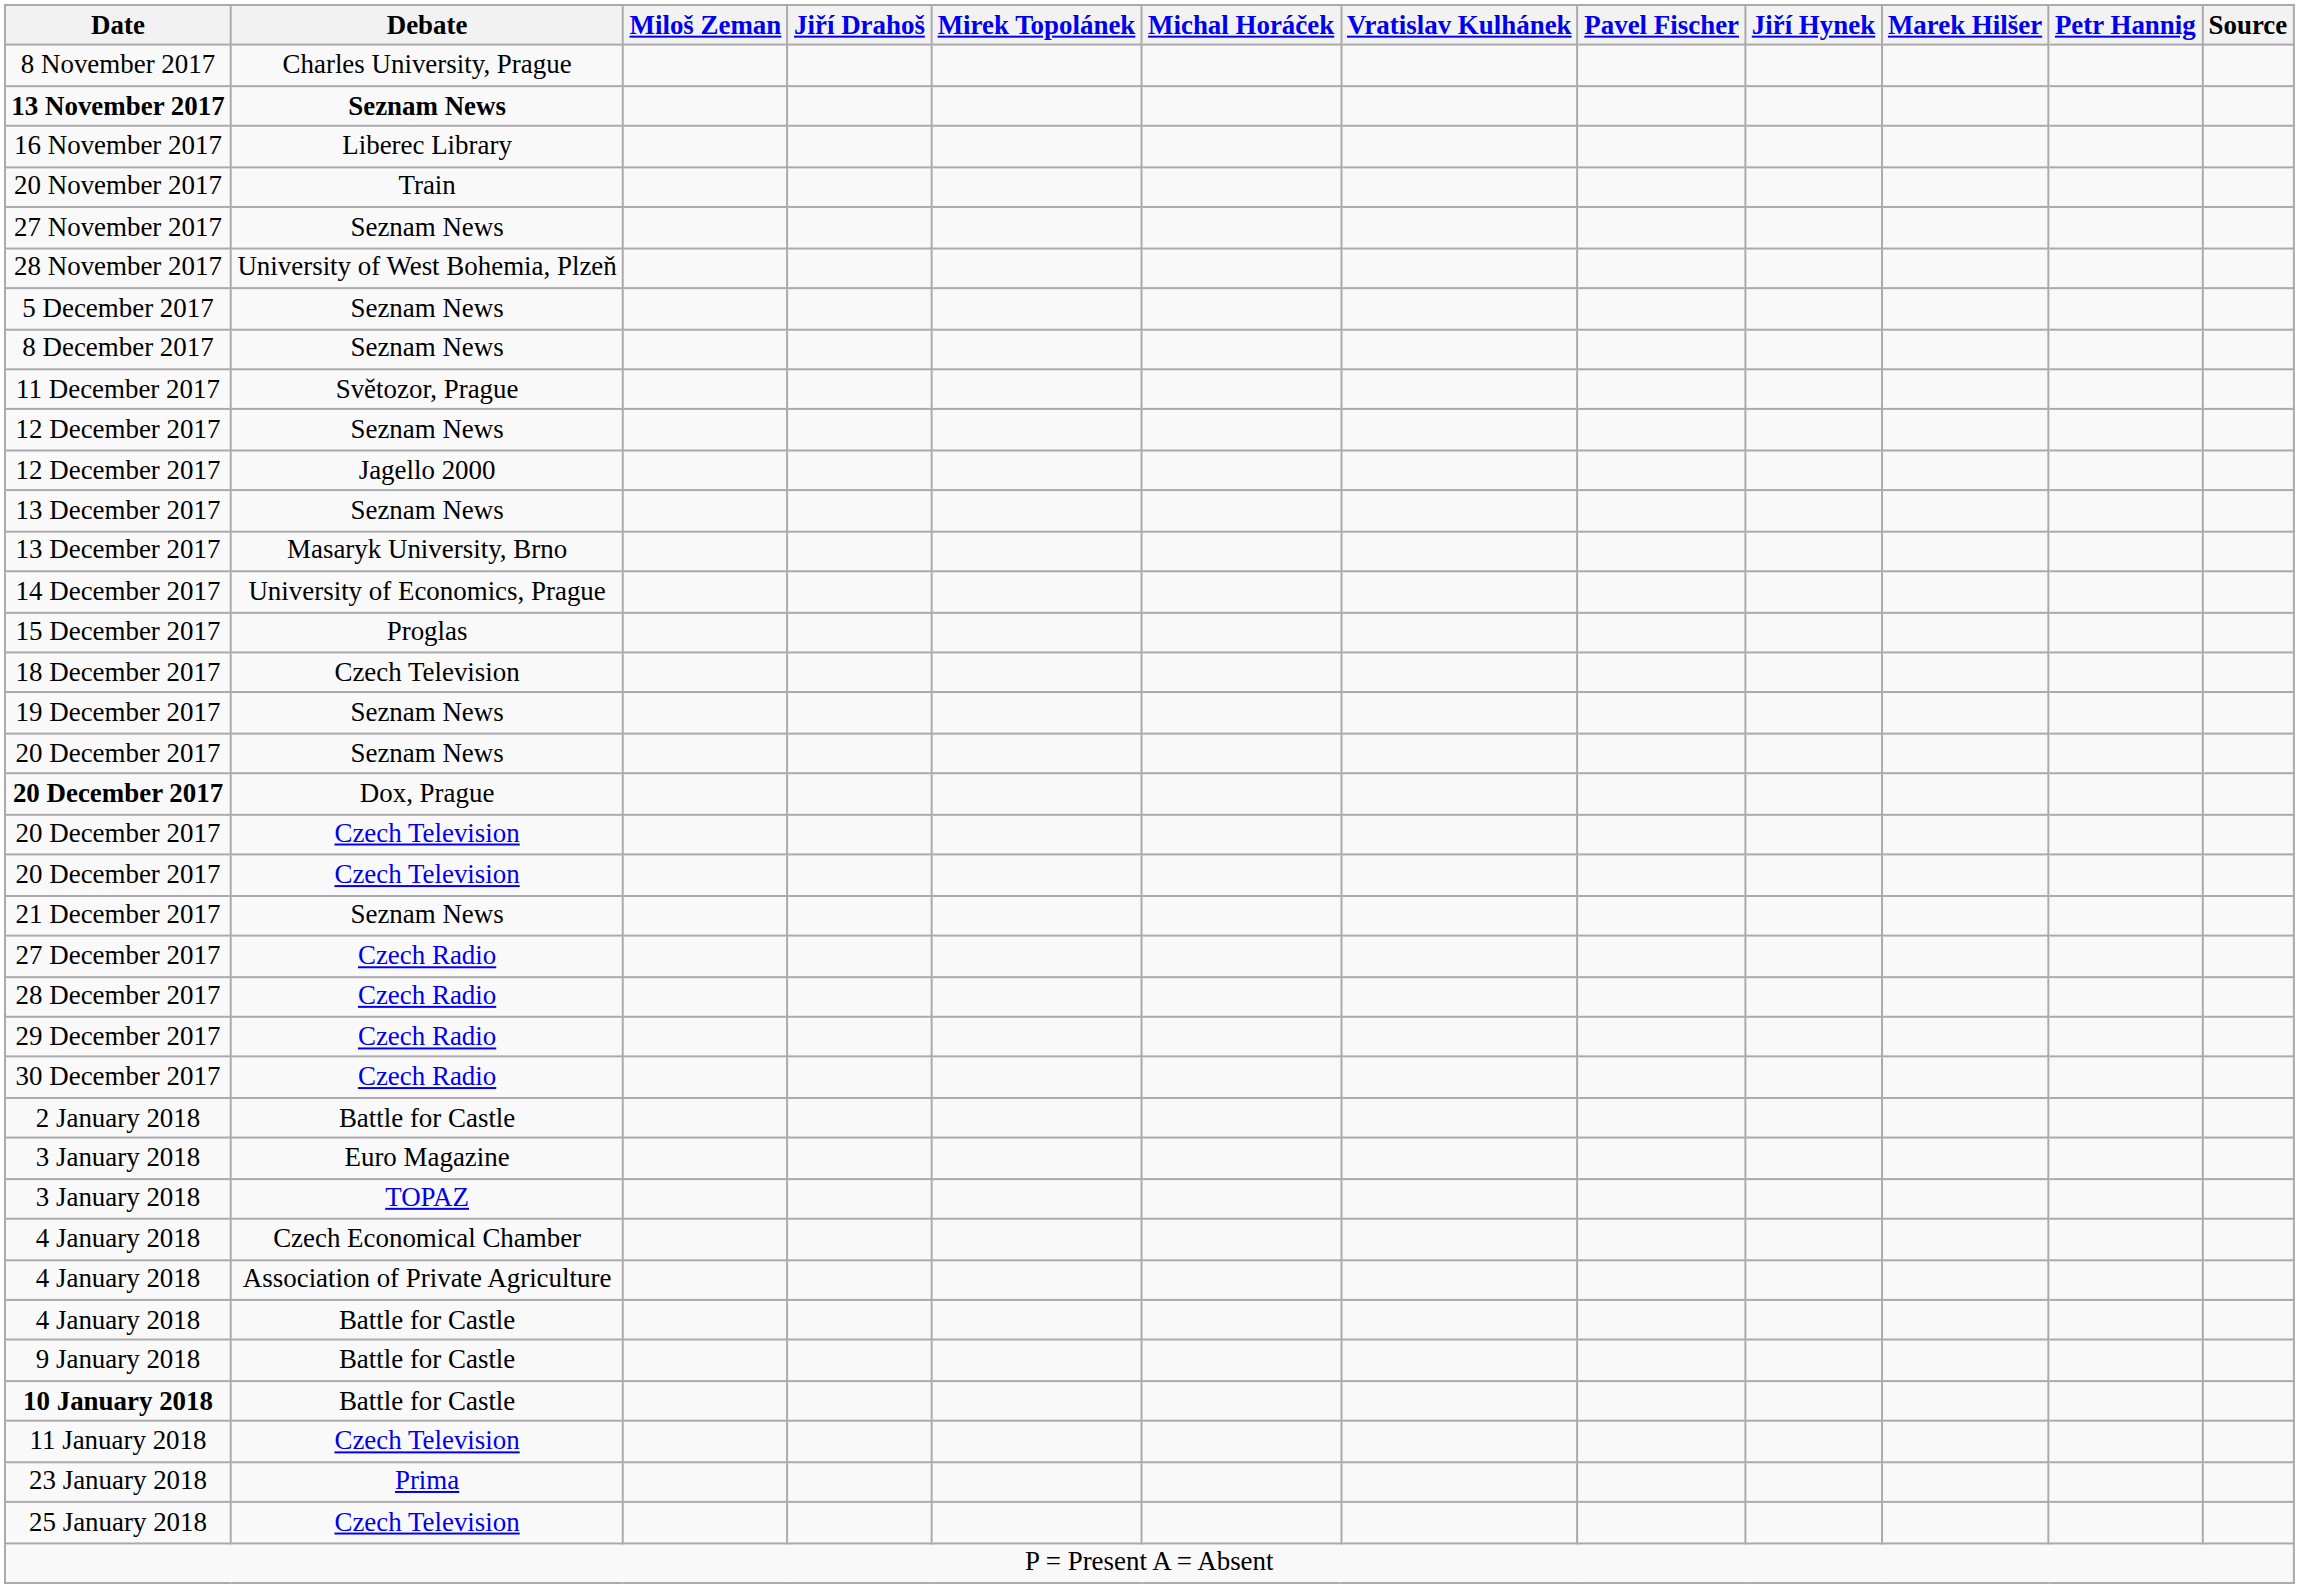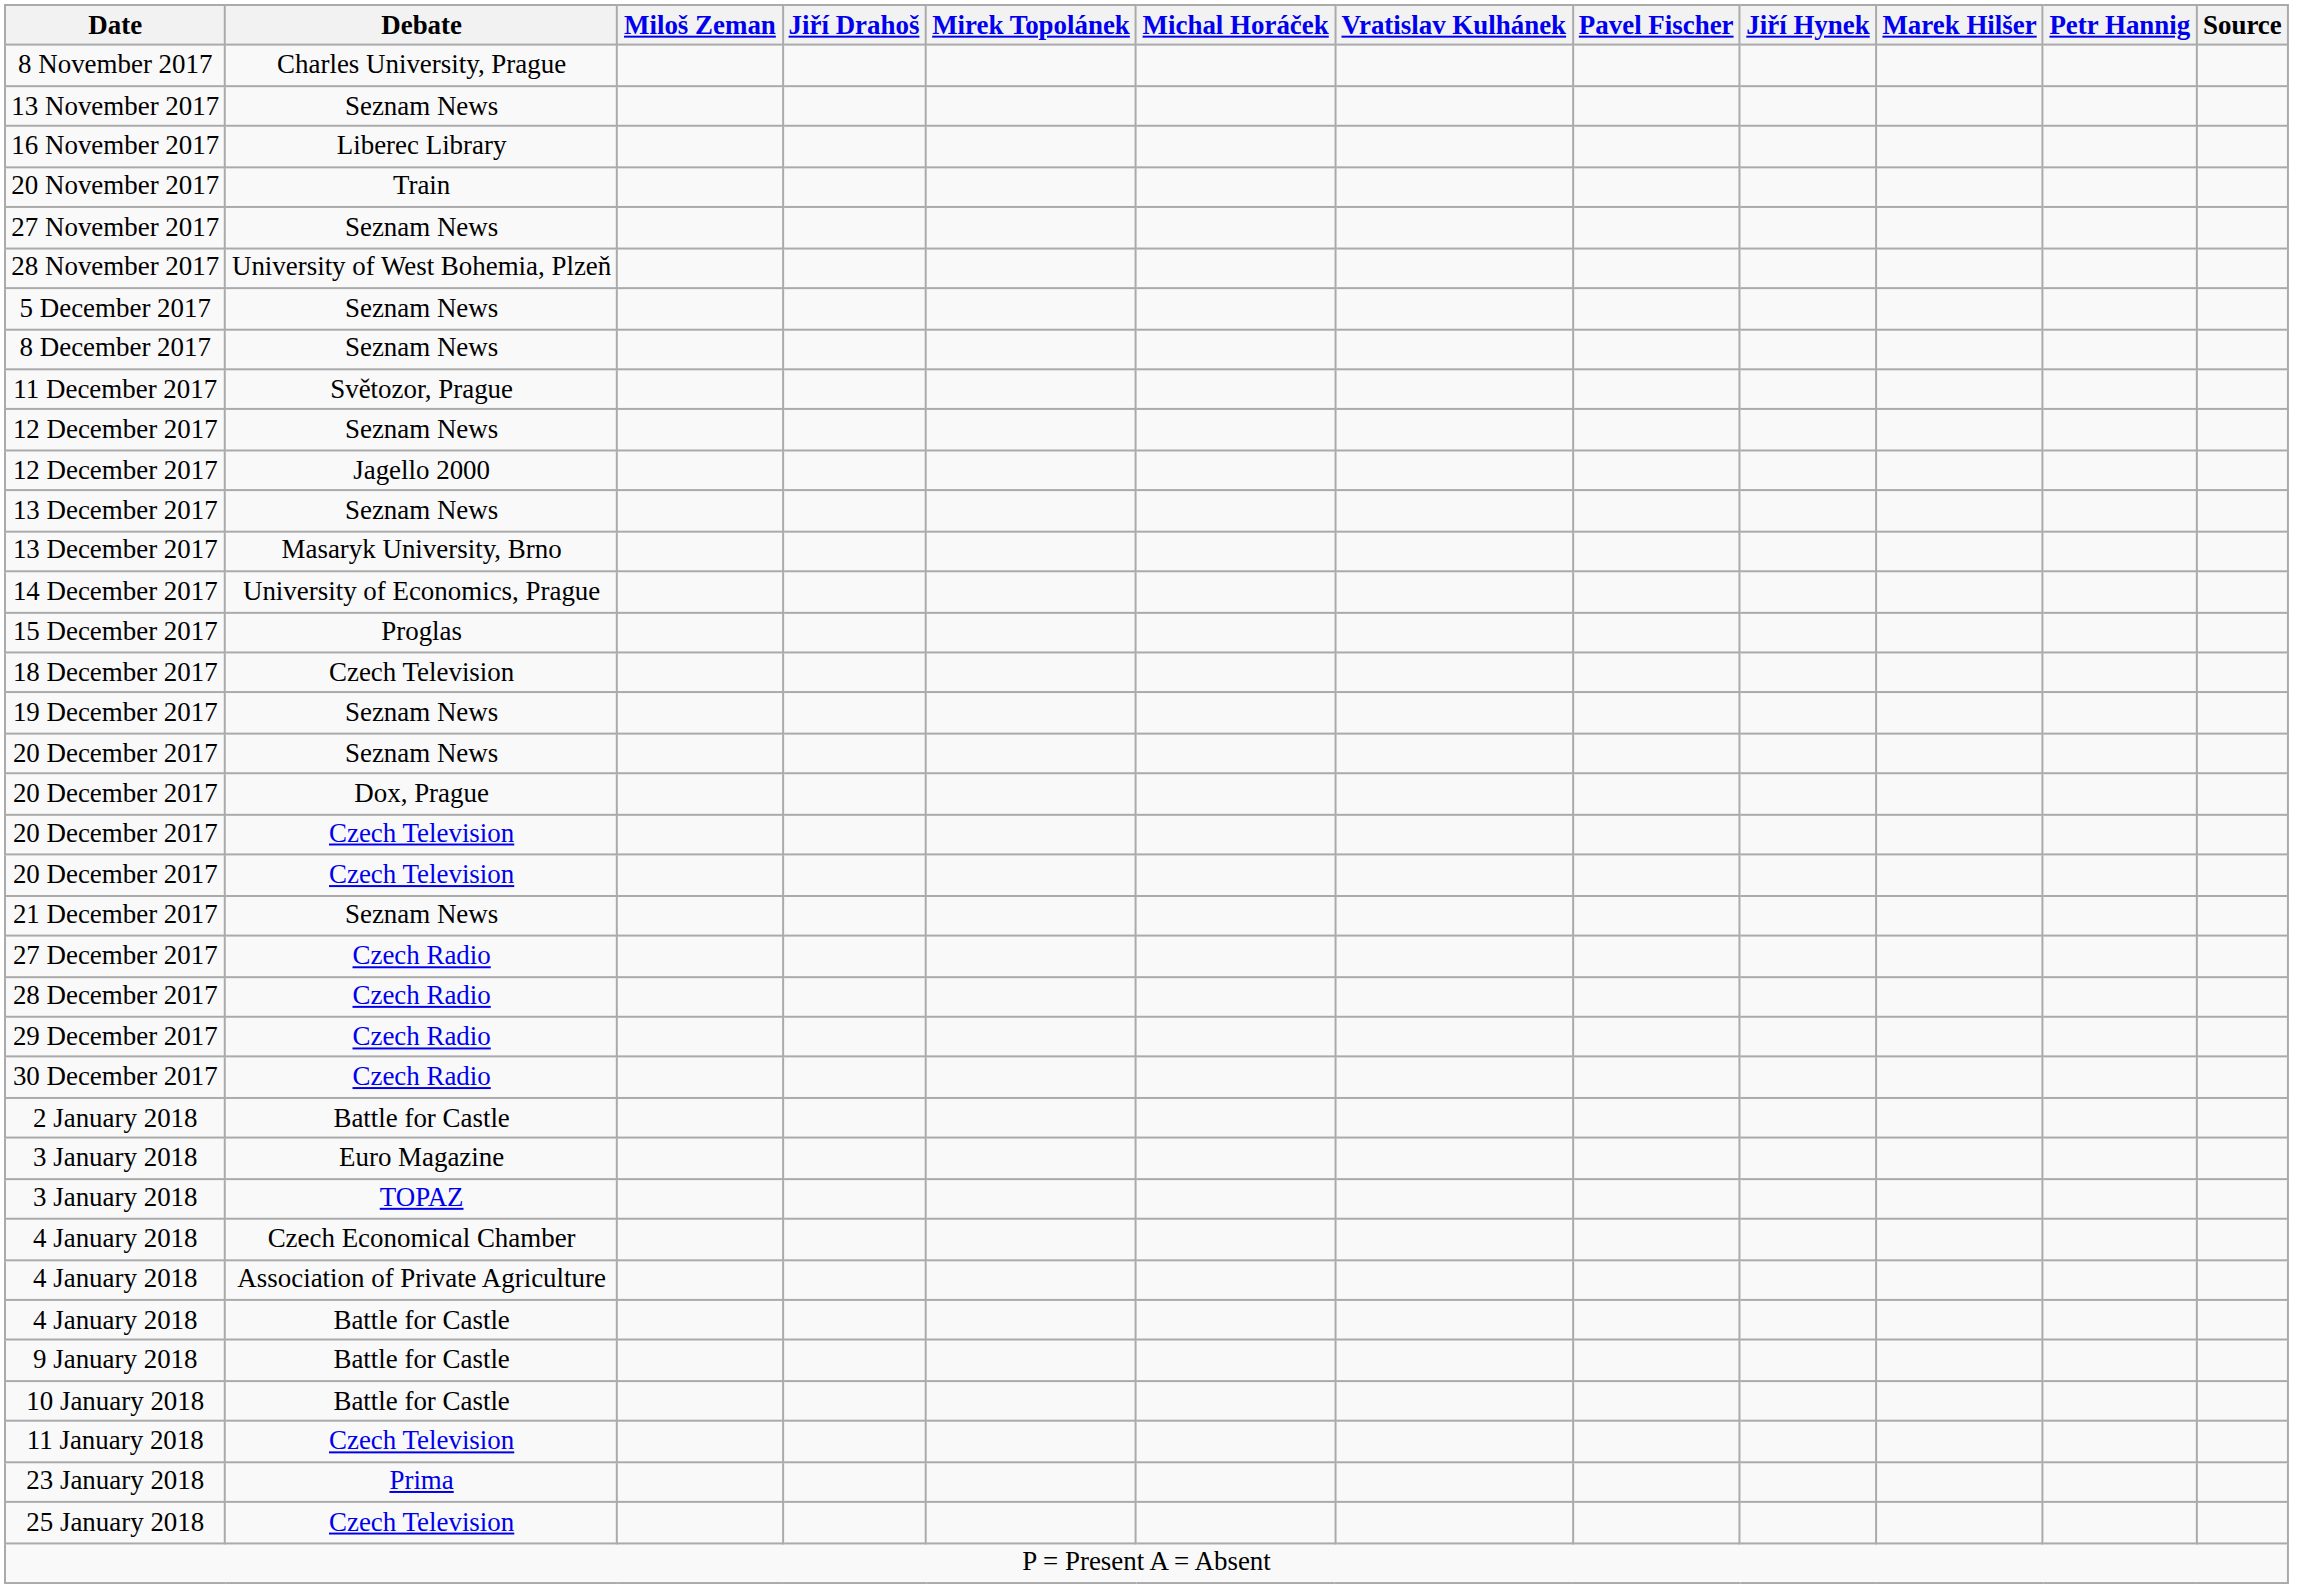 <table class="wikitable sortable" style=text-align:center;font-size:85%;line-height:14px;">
 <tr>
 <th>Date</th>
 <th>Debate</th>
 <th><a href='#'>Miloš Zeman</a></th>
 <th><a href='#'>Jiří Drahoš</a></th>
 <th><a href='#'>Mirek Topolánek</a></th>
 <th><a href='#'>Michal Horáček</a></th>
 <th><a href='#'>Vratislav Kulhánek</a></th>
 <th><a href='#'>Pavel Fischer</a></th>
 <th><a href='#'>Jiří Hynek</a></th>
 <th><a href='#'>Marek Hilšer</a></th>
 <th><a href='#'>Petr Hannig</a></th>
 <th>Source</th>
 </tr>
 <tr>
 <td>8 November 2017</td>
 <td>Charles University, Prague</td>
 <td></td>
 <td></td>
 <td></td>
 <td></td>
 <td></td>
 <td></td>
 <td></td>
 <td></td>
 <td></td>
 <td></td>
 </tr>
 <tr>
-<td><strong>13 November 2017</strong></td>
-<td><strong>Seznam News</strong></td>
+<td>13 November 2017</td>
+<td>Seznam News</td>
 <td></td>
 <td></td>
 <td></td>
 <td></td>
 <td></td>
 <td></td>
 <td></td>
 <td></td>
 <td></td>
 <td></td>
 </tr>
 <tr>
 <td>16 November 2017</td>
 <td>Liberec Library</td>
 <td></td>
 <td></td>
 <td></td>
 <td></td>
 <td></td>
 <td></td>
 <td></td>
 <td></td>
 <td></td>
 <td></td>
 </tr>
 <tr>
 <td>20 November 2017</td>
 <td>Train</td>
 <td></td>
 <td></td>
 <td></td>
 <td></td>
 <td></td>
 <td></td>
 <td></td>
 <td></td>
 <td></td>
 <td></td>
 </tr>
 <tr>
 <td>27 November 2017</td>
 <td>Seznam News</td>
 <td></td>
 <td></td>
 <td></td>
 <td></td>
 <td></td>
 <td></td>
 <td></td>
 <td></td>
 <td></td>
 <td></td>
 </tr>
 <tr>
 <td>28 November 2017</td>
 <td>University of West Bohemia, Plzeň</td>
 <td></td>
 <td></td>
 <td></td>
 <td></td>
 <td></td>
 <td></td>
 <td></td>
 <td></td>
 <td></td>
 <td></td>
 </tr>
 <tr>
 <td>5 December 2017</td>
 <td>Seznam News</td>
 <td></td>
 <td></td>
 <td></td>
 <td></td>
 <td></td>
 <td></td>
 <td></td>
 <td></td>
 <td></td>
 <td></td>
 </tr>
 <tr>
 <td>8 December 2017</td>
 <td>Seznam News</td>
 <td></td>
 <td></td>
 <td></td>
 <td></td>
 <td></td>
 <td></td>
 <td></td>
 <td></td>
 <td></td>
 <td></td>
 </tr>
 <tr>
 <td>11 December 2017</td>
 <td>Světozor, Prague</td>
 <td></td>
 <td></td>
 <td></td>
 <td></td>
 <td></td>
 <td></td>
 <td></td>
 <td></td>
 <td></td>
 <td></td>
 </tr>
 <tr>
 <td>12 December 2017</td>
 <td>Seznam News</td>
 <td></td>
 <td></td>
 <td></td>
 <td></td>
 <td></td>
 <td></td>
 <td></td>
 <td></td>
 <td></td>
 <td></td>
 </tr>
 <tr>
 <td>12 December 2017</td>
 <td>Jagello 2000</td>
 <td></td>
 <td></td>
 <td></td>
 <td></td>
 <td></td>
 <td></td>
 <td></td>
 <td></td>
 <td></td>
 <td></td>
 </tr>
 <tr>
 <td>13 December 2017</td>
 <td>Seznam News</td>
 <td></td>
 <td></td>
 <td></td>
 <td></td>
 <td></td>
 <td></td>
 <td></td>
 <td></td>
 <td></td>
 <td></td>
 </tr>
 <tr>
 <td>13 December 2017</td>
 <td>Masaryk University, Brno</td>
 <td></td>
 <td></td>
 <td></td>
 <td></td>
 <td></td>
 <td></td>
 <td></td>
 <td></td>
 <td></td>
 <td></td>
 </tr>
 <tr>
 <td>14 December 2017</td>
 <td>University of Economics, Prague</td>
 <td></td>
 <td></td>
 <td></td>
 <td></td>
 <td></td>
 <td></td>
 <td></td>
 <td></td>
 <td></td>
 <td></td>
 </tr>
 <tr>
 <td>15 December 2017</td>
 <td>Proglas</td>
 <td></td>
 <td></td>
 <td></td>
 <td></td>
 <td></td>
 <td></td>
 <td></td>
 <td></td>
 <td></td>
 <td></td>
 </tr>
 <tr>
 <td>18 December 2017</td>
 <td>Czech Television</td>
 <td></td>
 <td></td>
 <td></td>
 <td></td>
 <td></td>
 <td></td>
 <td></td>
 <td></td>
 <td></td>
 <td></td>
 </tr>
 <tr>
 <td>19 December 2017</td>
 <td>Seznam News</td>
 <td></td>
 <td></td>
 <td></td>
 <td></td>
 <td></td>
 <td></td>
 <td></td>
 <td></td>
 <td></td>
 <td></td>
 </tr>
 <tr>
 <td>20 December 2017</td>
 <td>Seznam News</td>
 <td></td>
 <td></td>
 <td></td>
 <td></td>
 <td></td>
 <td></td>
 <td></td>
 <td></td>
 <td></td>
 <td></td>
 </tr>
 <tr>
-<td><strong>20 December 2017</strong></td>
+<td>20 December 2017</td>
 <td>Dox, Prague</td>
 <td></td>
 <td></td>
 <td></td>
 <td></td>
 <td></td>
 <td></td>
 <td></td>
 <td></td>
 <td></td>
 <td></td>
 </tr>
 <tr>
 <td>20 December 2017</td>
 <td><a href='#'>Czech Television</a></td>
 <td></td>
 <td></td>
 <td></td>
 <td></td>
 <td></td>
 <td></td>
 <td></td>
 <td></td>
 <td></td>
 <td></td>
 </tr>
 <tr>
 <td>20 December 2017</td>
 <td><a href='#'>Czech Television</a></td>
 <td></td>
 <td></td>
 <td></td>
 <td></td>
 <td></td>
 <td></td>
 <td></td>
 <td></td>
 <td></td>
 <td></td>
 </tr>
 <tr>
 <td>21 December 2017</td>
 <td>Seznam News</td>
 <td></td>
 <td></td>
 <td></td>
 <td></td>
 <td></td>
 <td></td>
 <td></td>
 <td></td>
 <td></td>
 <td></td>
 </tr>
 <tr>
 <td>27 December 2017</td>
 <td><a href='#'>Czech Radio</a></td>
 <td></td>
 <td></td>
 <td></td>
 <td></td>
 <td></td>
 <td></td>
 <td></td>
 <td></td>
 <td></td>
 <td></td>
 </tr>
 <tr>
 <td>28 December 2017</td>
 <td><a href='#'>Czech Radio</a></td>
 <td></td>
 <td></td>
 <td></td>
 <td></td>
 <td></td>
 <td></td>
 <td></td>
 <td></td>
 <td></td>
 <td></td>
 </tr>
 <tr>
 <td>29 December 2017</td>
 <td><a href='#'>Czech Radio</a></td>
 <td></td>
 <td></td>
 <td></td>
 <td></td>
 <td></td>
 <td></td>
 <td></td>
 <td></td>
 <td></td>
 <td></td>
 </tr>
 <tr>
 <td>30 December 2017</td>
 <td><a href='#'>Czech Radio</a></td>
 <td></td>
 <td></td>
 <td></td>
 <td></td>
 <td></td>
 <td></td>
 <td></td>
 <td></td>
 <td></td>
 <td></td>
 </tr>
 <tr>
 <td>2 January 2018</td>
 <td>Battle for Castle</td>
 <td></td>
 <td></td>
 <td></td>
 <td></td>
 <td></td>
 <td></td>
 <td></td>
 <td></td>
 <td></td>
 <td></td>
 </tr>
 <tr>
 <td>3 January 2018</td>
 <td>Euro Magazine</td>
 <td></td>
 <td></td>
 <td></td>
 <td></td>
 <td></td>
 <td></td>
 <td></td>
 <td></td>
 <td></td>
 <td></td>
 </tr>
 <tr>
 <td>3 January 2018</td>
 <td><a href='#'>TOPAZ</a></td>
 <td></td>
 <td></td>
 <td></td>
 <td></td>
 <td></td>
 <td></td>
 <td></td>
 <td></td>
 <td></td>
 <td></td>
 </tr>
 <tr>
 <td>4 January 2018</td>
 <td>Czech Economical Chamber</td>
 <td></td>
 <td></td>
 <td></td>
 <td></td>
 <td></td>
 <td></td>
 <td></td>
 <td></td>
 <td></td>
 <td></td>
 </tr>
 <tr>
 <td>4 January 2018</td>
 <td>Association of Private Agriculture</td>
 <td></td>
 <td></td>
 <td></td>
 <td></td>
 <td></td>
 <td></td>
 <td></td>
 <td></td>
 <td></td>
 <td></td>
 </tr>
 <tr>
 <td>4 January 2018</td>
 <td>Battle for Castle</td>
 <td></td>
 <td></td>
 <td></td>
 <td></td>
 <td></td>
 <td></td>
 <td></td>
 <td></td>
 <td></td>
 <td></td>
 </tr>
 <tr>
 <td>9 January 2018</td>
 <td>Battle for Castle</td>
 <td></td>
 <td></td>
 <td></td>
 <td></td>
 <td></td>
 <td></td>
 <td></td>
 <td></td>
 <td></td>
 <td></td>
 </tr>
 <tr>
-<td><strong>10 January 2018</strong></td>
+<td>10 January 2018</td>
 <td>Battle for Castle</td>
 <td></td>
 <td></td>
 <td></td>
 <td></td>
 <td></td>
 <td></td>
 <td></td>
 <td></td>
 <td></td>
 <td></td>
 </tr>
 <tr>
 <td>11 January 2018</td>
 <td><a href='#'>Czech Television</a></td>
 <td></td>
 <td></td>
 <td></td>
 <td></td>
 <td></td>
 <td></td>
 <td></td>
 <td></td>
 <td></td>
 <td></td>
 </tr>
 <tr>
 <td>23 January 2018</td>
 <td><a href='#'>Prima</a></td>
 <td></td>
 <td></td>
 <td></td>
 <td></td>
 <td></td>
 <td></td>
 <td></td>
 <td></td>
 <td></td>
 <td></td>
 </tr>
 <tr>
 <td>25 January 2018</td>
 <td><a href='#'>Czech Television</a></td>
 <td></td>
 <td></td>
 <td></td>
 <td></td>
 <td></td>
 <td></td>
 <td></td>
 <td></td>
 <td></td>
 <td></td>
 </tr>
 <tr>
 <td colspan="15">P = Present A = Absent</td>
 </tr>
 </table>
